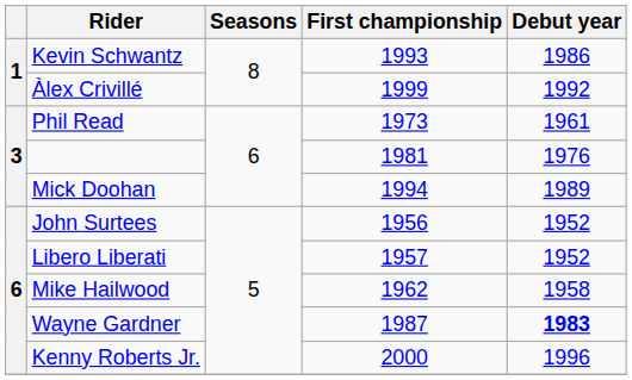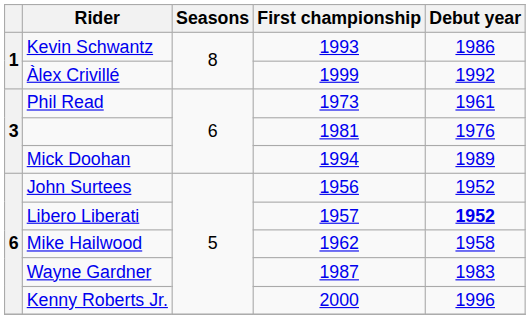 <table class="wikitable" style="text-align:center">
 <tr>
 <th></th>
 <th>Rider</th>
 <th>Seasons</th>
 <th>First championship</th>
 <th>Debut year</th>
 </tr>
 <tr>
 <th rowspan=2>1</th>
 <td align=left> <a href='#'>Kevin Schwantz</a></td>
 <td rowspan=2>8</td>
 <td><a href='#'>1993</a></td>
 <td><a href='#'>1986</a></td>
 </tr>
 <tr>
 <td align=left> <a href='#'>Àlex Crivillé</a></td>
 <td><a href='#'>1999</a></td>
 <td><a href='#'>1992</a></td>
 </tr>
 <tr>
 <th rowspan=3>3</th>
 <td align=left> <a href='#'>Phil Read</a></td>
 <td rowspan=3>6</td>
 <td><a href='#'>1973</a></td>
 <td><a href='#'>1961</a></td>
 </tr>
 <tr>
 <td align=left></td>
 <td><a href='#'>1981</a></td>
 <td><a href='#'>1976</a></td>
 </tr>
 <tr>
 <td align=left> <a href='#'>Mick Doohan</a></td>
 <td><a href='#'>1994</a></td>
 <td><a href='#'>1989</a></td>
 </tr>
 <tr>
 <th rowspan=5>6</th>
 <td align=left> <a href='#'>John Surtees</a></td>
 <td rowspan=5>5</td>
 <td><a href='#'>1956</a></td>
 <td><a href='#'>1952</a></td>
 </tr>
 <tr>
 <td align=left> <a href='#'>Libero Liberati</a></td>
 <td><a href='#'>1957</a></td>
-<td><a href='#'>1952</a></td>
+<td><strong><a href='#'>1952</a></strong></td>
 </tr>
 <tr>
 <td align=left> <a href='#'>Mike Hailwood</a></td>
 <td><a href='#'>1962</a></td>
 <td><a href='#'>1958</a></td>
 </tr>
 <tr>
 <td align=left> <a href='#'>Wayne Gardner</a></td>
 <td><a href='#'>1987</a></td>
-<td><strong><a href='#'>1983</a></strong></td>
+<td><a href='#'>1983</a></td>
 </tr>
 <tr>
 <td align=left> <a href='#'>Kenny Roberts Jr.</a></td>
 <td><a href='#'>2000</a></td>
 <td><a href='#'>1996</a></td>
 </tr>
 <tr>
 </tr>
 </table>
